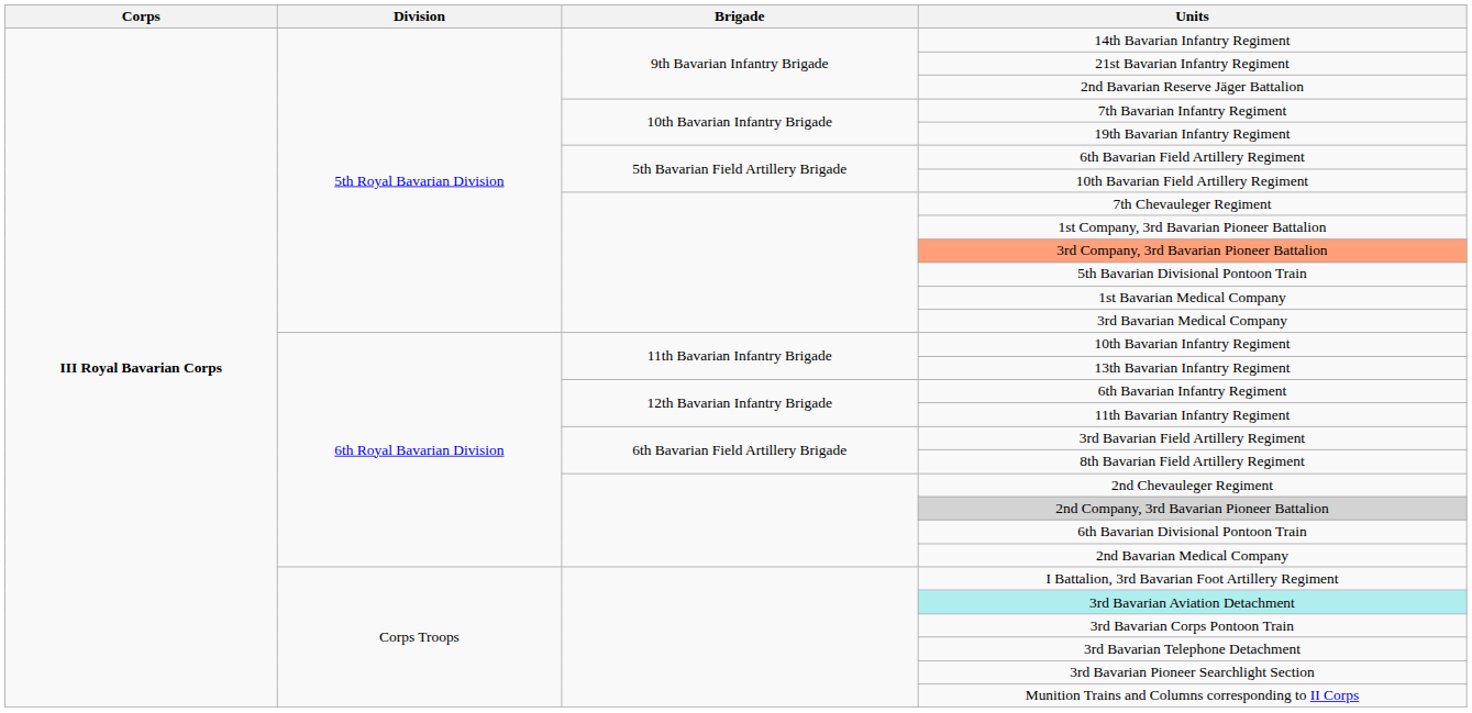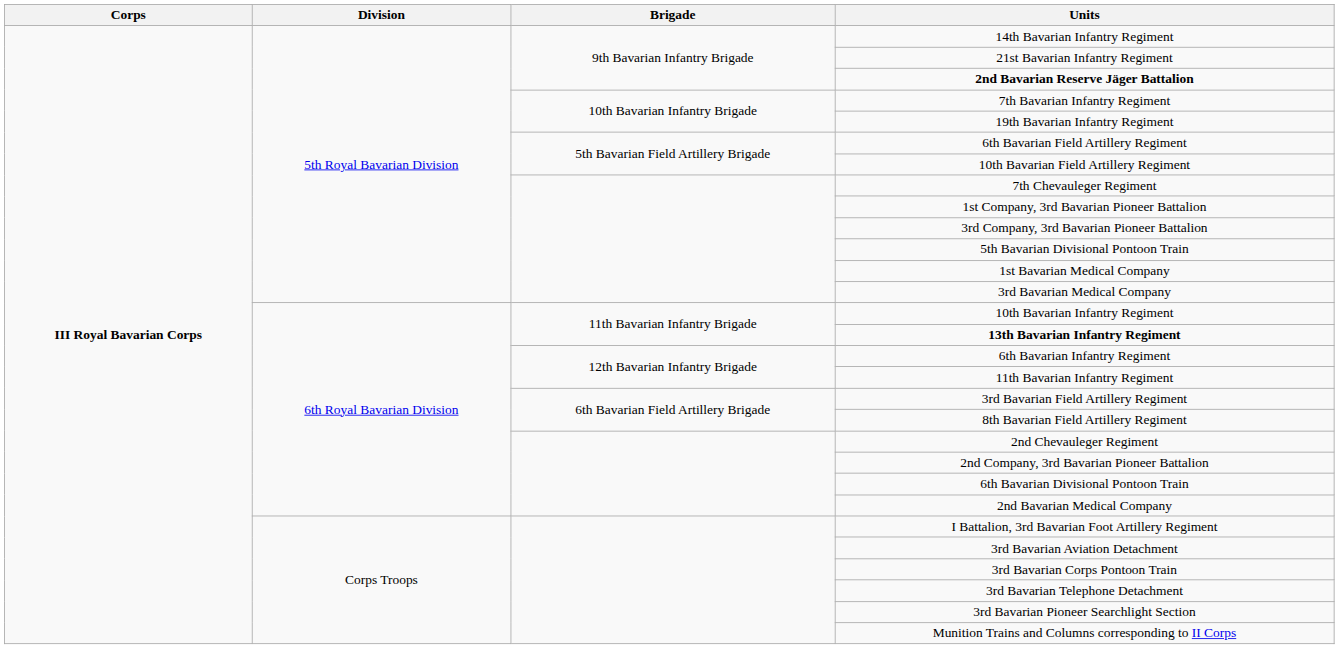 <table class="wikitable collapsible collapsed" style="text-align:center; width:100%;">
 <tr>
 <th>Corps</th>
 <th>Division</th>
 <th>Brigade</th>
 <th>Units</th>
 </tr>
 <tr>
 <td ROWSPAN=29><strong>III Royal Bavarian Corps</strong></td>
 <td ROWSPAN=13><a href='#'>5th Royal Bavarian Division</a></td>
 <td ROWSPAN=3>9th Bavarian Infantry Brigade</td>
 <td>14th Bavarian Infantry Regiment</td>
 </tr>
 <tr>
 <td>21st Bavarian Infantry Regiment</td>
 </tr>
 <tr>
-<td>2nd Bavarian Reserve Jäger Battalion</td>
+<td><strong>2nd Bavarian Reserve Jäger Battalion</strong></td>
 </tr>
 <tr>
 <td ROWSPAN=2>10th Bavarian Infantry Brigade</td>
 <td>7th Bavarian Infantry Regiment</td>
 </tr>
 <tr>
 <td>19th Bavarian Infantry Regiment</td>
 </tr>
 <tr>
 <td ROWSPAN=2>5th Bavarian Field Artillery Brigade</td>
 <td>6th Bavarian Field Artillery Regiment</td>
 </tr>
 <tr>
 <td>10th Bavarian Field Artillery Regiment</td>
 </tr>
 <tr>
 <td ROWSPAN=6></td>
 <td>7th Chevauleger Regiment</td>
 </tr>
 <tr>
 <td>1st Company, 3rd Bavarian Pioneer Battalion</td>
 </tr>
 <tr>
-<td style="background: lightsalmon;">3rd Company, 3rd Bavarian Pioneer Battalion</td>
+<td>3rd Company, 3rd Bavarian Pioneer Battalion</td>
 </tr>
 <tr>
 <td>5th Bavarian Divisional Pontoon Train</td>
 </tr>
 <tr>
 <td>1st Bavarian Medical Company</td>
 </tr>
 <tr>
 <td>3rd Bavarian Medical Company</td>
 </tr>
 <tr>
 <td ROWSPAN=10><a href='#'>6th Royal Bavarian Division</a></td>
 <td ROWSPAN=2>11th Bavarian Infantry Brigade</td>
 <td>10th Bavarian Infantry Regiment</td>
 </tr>
 <tr>
-<td>13th Bavarian Infantry Regiment</td>
+<td><strong>13th Bavarian Infantry Regiment</strong></td>
 </tr>
 <tr>
 <td ROWSPAN=2>12th Bavarian Infantry Brigade</td>
 <td>6th Bavarian Infantry Regiment</td>
 </tr>
 <tr>
 <td>11th Bavarian Infantry Regiment</td>
 </tr>
 <tr>
 <td ROWSPAN=2>6th Bavarian Field Artillery Brigade</td>
 <td>3rd Bavarian Field Artillery Regiment</td>
 </tr>
 <tr>
 <td>8th Bavarian Field Artillery Regiment</td>
 </tr>
 <tr>
 <td ROWSPAN=4></td>
 <td>2nd Chevauleger Regiment</td>
 </tr>
 <tr>
-<td style="background: lightgrey;">2nd Company, 3rd Bavarian Pioneer Battalion</td>
+<td>2nd Company, 3rd Bavarian Pioneer Battalion</td>
 </tr>
 <tr>
 <td>6th Bavarian Divisional Pontoon Train</td>
 </tr>
 <tr>
 <td>2nd Bavarian Medical Company</td>
 </tr>
 <tr>
 <td ROWSPAN=6>Corps Troops</td>
 <td ROWSPAN=6></td>
 <td>I Battalion, 3rd Bavarian Foot Artillery Regiment</td>
 </tr>
 <tr>
-<td style="background: paleturquoise;">3rd Bavarian Aviation Detachment</td>
+<td>3rd Bavarian Aviation Detachment</td>
 </tr>
 <tr>
 <td>3rd Bavarian Corps Pontoon Train</td>
 </tr>
 <tr>
 <td>3rd Bavarian Telephone Detachment</td>
 </tr>
 <tr>
 <td>3rd Bavarian Pioneer Searchlight Section</td>
 </tr>
 <tr>
 <td>Munition Trains and Columns corresponding to <a href='#'>II Corps</a></td>
 </tr>
 </table>
